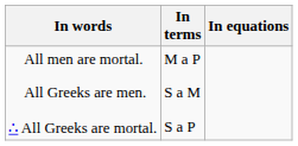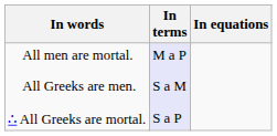 <table class="wikitable floatright">
 <tr>
 <th>In words</th>
 <th>In<br> terms</th>
 <th>In equations</th>
 </tr>
 <tr>
 <td>    All men are mortal.<br><br>    All Greeks are men.<br><br><a href='#'>∴</a> All Greeks are mortal.</td>
-<td>M a P<br><br>S a M<br><br>S a P</td>
+<td style="background: lavender;">M a P<br><br>S a M<br><br>S a P</td>
 <td></td>
 </tr>
 </table>
